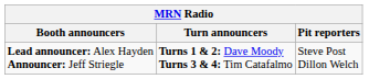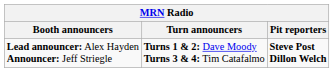 <table class="wikitable" style="font-size: 95%">
 <tr>
 <th colspan="3"><a href='#'>MRN</a> Radio</th>
 </tr>
 <tr>
 <th>Booth announcers</th>
 <th>Turn announcers</th>
 <th>Pit reporters</th>
 </tr>
 <tr>
 <td><strong>Lead announcer:</strong> Alex Hayden<br><strong>Announcer:</strong> Jeff Striegle</td>
 <td><strong>Turns 1 & 2:</strong> <a href='#'>Dave Moody</a><br><strong>Turns 3 & 4:</strong> Tim Catafalmo</td>
-<td>Steve Post<br>Dillon Welch</td>
+<td><strong>Steve Post<br>Dillon Welch</strong></td>
 </tr>
 </table>
